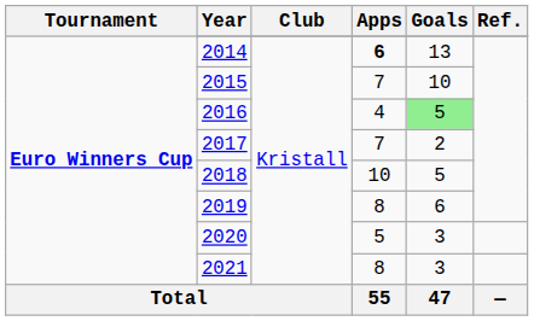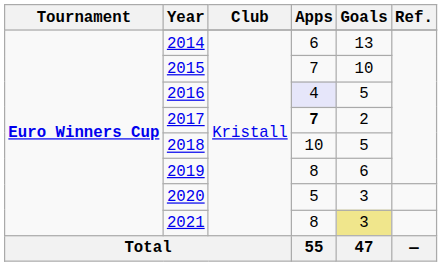 <table class="wikitable" style="text-align:center;">
 <tr>
 <th>Tournament</th>
 <th>Year</th>
 <th>Club</th>
 <th>Apps</th>
 <th>Goals</th>
 <th>Ref.</th>
 </tr>
 <tr>
 <td rowspan="9"><strong><a href='#'>Euro Winners Cup</a></strong></td>
 </tr>
 <tr>
 <td> <a href='#'>2014</a></td>
 <td rowspan=8 align=left> <a href='#'>Kristall</a></td>
-<td><strong>6</strong></td>
+<td>6</td>
 <td>13</td>
 <td rowspan=6></td>
 </tr>
 <tr>
 <td> <a href='#'>2015</a></td>
 <td>7</td>
 <td>10</td>
 </tr>
 <tr>
 <td> <a href='#'>2016</a></td>
-<td>4</td>
-<td style="background: lightgreen;">5</td>
+<td style="background: lavender;">4</td>
+<td>5</td>
 </tr>
 <tr>
 <td> <a href='#'>2017</a></td>
-<td>7</td>
+<td><strong>7</strong></td>
 <td>2</td>
 </tr>
 <tr>
 <td> <a href='#'>2018</a></td>
 <td>10</td>
 <td>5</td>
 </tr>
 <tr>
 <td> <a href='#'>2019</a></td>
 <td>8</td>
 <td>6</td>
 </tr>
 <tr>
 <td> <a href='#'>2020</a></td>
 <td>5</td>
 <td>3</td>
 <td></td>
 </tr>
 <tr>
 <td> <a href='#'>2021</a></td>
 <td>8</td>
-<td>3</td>
+<td style="background: khaki;">3</td>
 <td></td>
 </tr>
 <tr>
 <th colspan=3>Total</th>
 <th>55</th>
 <th>47</th>
 <th>—</th>
 </tr>
 </table>
